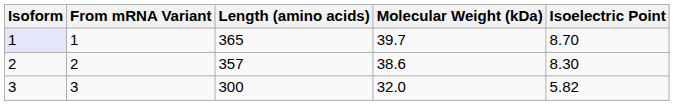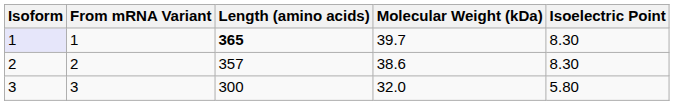 <table class="wikitable">
 <tr>
 <th>Isoform</th>
 <th>From mRNA Variant</th>
 <th>Length (amino acids)</th>
 <th>Molecular Weight (kDa)</th>
 <th>Isoelectric Point</th>
 </tr>
 <tr>
 <td style="background: lavender;">1</td>
 <td>1</td>
-<td>365</td>
+<td><strong>365</strong></td>
 <td>39.7</td>
-<td>8.70</td>
+<td>8.30</td>
 </tr>
 <tr>
 <td>2</td>
 <td>2</td>
 <td>357</td>
 <td>38.6</td>
 <td>8.30</td>
 </tr>
 <tr>
 <td>3</td>
 <td>3</td>
 <td>300</td>
 <td>32.0</td>
-<td>5.82</td>
+<td>5.80</td>
 </tr>
 </table>
